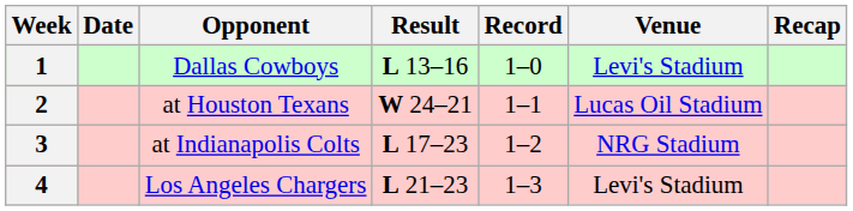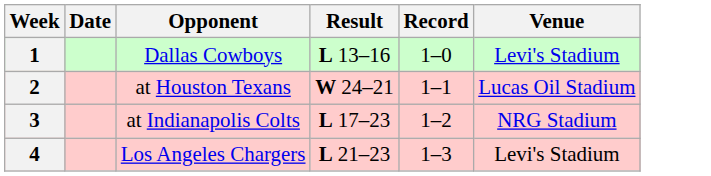 <table class="wikitable" style="text-align:center">
 <tr>
 <th>Week</th>
 <th>Date</th>
 <th>Opponent</th>
 <th>Result</th>
 <th>Record</th>
 <th>Venue</th>
-<th>Recap</th>
 </tr>
 <tr style="background:#cfc">
 <th>1</th>
 <td></td>
 <td><a href='#'>Dallas Cowboys</a></td>
 <td><strong>L</strong> 13–16</td>
 <td>1–0</td>
 <td><a href='#'>Levi's Stadium</a></td>
-<td></td>
 </tr>
 <tr style="background:#fcc">
 <th>2</th>
 <td></td>
 <td>at <a href='#'>Houston Texans</a></td>
 <td><strong>W</strong> 24–21</td>
 <td>1–1</td>
 <td><a href='#'>Lucas Oil Stadium</a></td>
-<td></td>
 </tr>
 <tr style="background:#fcc">
 <th>3</th>
 <td></td>
 <td>at <a href='#'>Indianapolis Colts</a></td>
 <td><strong>L</strong> 17–23</td>
 <td>1–2</td>
 <td><a href='#'>NRG Stadium</a></td>
-<td></td>
 </tr>
 <tr style="background:#fcc">
 <th>4</th>
 <td></td>
 <td><a href='#'>Los Angeles Chargers</a></td>
 <td><strong>L</strong> 21–23</td>
 <td>1–3</td>
 <td>Levi's Stadium</td>
-<td></td>
 </tr>
 </table>
